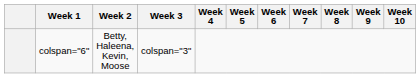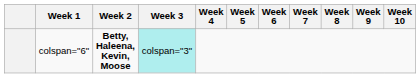 <table class="wikitable" style="text-align:center; font-size:90%; width:100%; line-height:15px;">
 <tr>
 <th style="width:7%"></th>
 <th style="width:7%">Week 1</th>
 <th style="width:7%">Week 2</th>
 <th style="width:7%">Week 3</th>
 <th style="width:7%">Week 4</th>
 <th style="width:7%">Week 5</th>
 <th style="width:7%">Week 6</th>
 <th style="width:7%">Week 7</th>
 <th style="width:7%">Week 8</th>
 <th style="width:7%">Week 9</th>
 <th style="width:7%">Week 10</th>
 </tr>
 <tr>
 <th></th>
 <td>colspan="6" </td>
-<td>Betty,<br>Haleena,<br>Kevin,<br>Moose</td>
-<td>colspan="3" </td>
+<td><strong>Betty,<br>Haleena,<br>Kevin,<br>Moose</strong></td>
+<td style="background: paleturquoise;">colspan="3" </td>
 </tr>
 </table>
